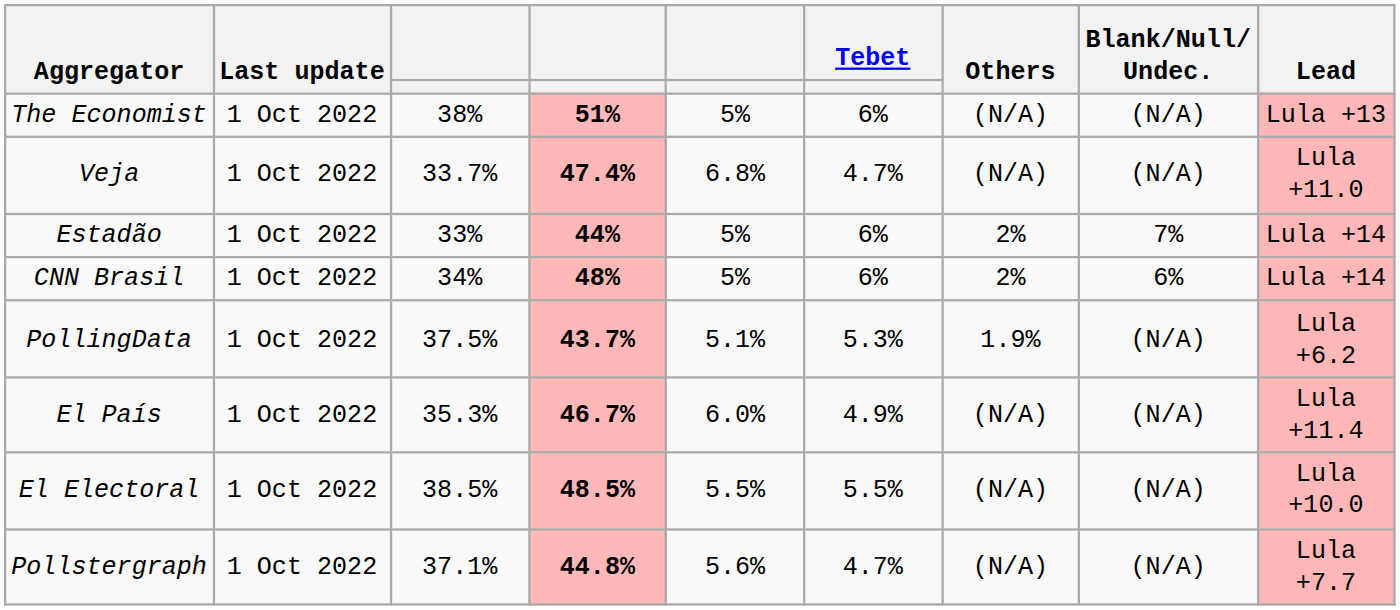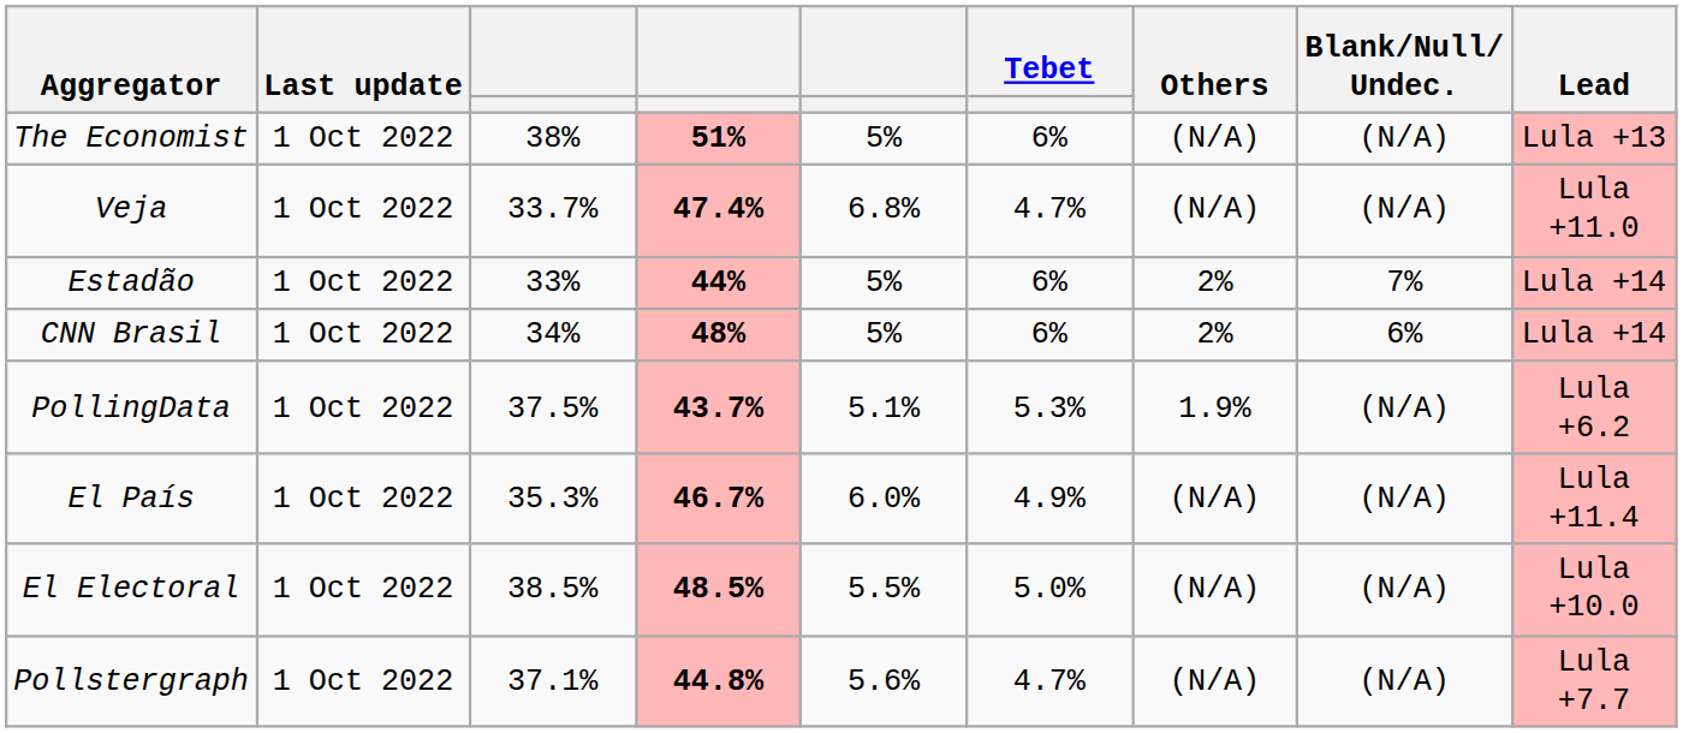 <table class="nowrap wikitable" style=text-align:center;font-size:85%;line-height:14px>
 <tr style=vertical-align:bottom>
 <th rowspan=2>Aggregator</th>
 <th rowspan=2>Last update</th>
 <th style=width:5em><br></th>
 <th style=width:5em><br></th>
 <th style=width:5em><br></th>
 <th style=width:5em><br><a href='#'>Tebet</a><br></th>
 <th style=width:5em rowspan=2>Others<br></th>
 <th style=width:5em rowspan=2>Blank/Null/<br>Undec.</th>
 <th style=width:5em rowspan=2>Lead</th>
 </tr>
 <tr>
 <th style=background:></th>
 <th style=background:></th>
 <th style=background:></th>
 <th style=background:></th>
 </tr>
 <tr>
 <td> <em>The Economist</em></td>
 <td>1 Oct 2022</td>
 <td>38%</td>
 <td style="background:#ffb7b7;font-weight:bold">51%</td>
 <td>5%</td>
 <td>6%</td>
 <td>(N/A)</td>
 <td>(N/A)</td>
 <td style="background:#ffb7b7;">Lula +13</td>
 </tr>
 <tr>
 <td> <em>Veja</em></td>
 <td>1 Oct 2022</td>
 <td>33.7%</td>
 <td style="background:#ffb7b7;font-weight:bold">47.4%</td>
 <td>6.8%</td>
 <td>4.7%</td>
 <td>(N/A)</td>
 <td>(N/A)</td>
 <td style="background:#ffb7b7;">Lula +11.0</td>
 </tr>
 <tr>
 <td> <em>Estadão</em></td>
 <td>1 Oct 2022</td>
 <td>33%</td>
 <td style="background:#ffb7b7;font-weight:bold">44%</td>
 <td>5%</td>
 <td>6%</td>
 <td>2%</td>
 <td>7%</td>
 <td style="background:#ffb7b7;">Lula +14</td>
 </tr>
 <tr>
 <td> <em>CNN Brasil</em></td>
 <td>1 Oct 2022</td>
 <td>34%</td>
 <td style="background:#ffb7b7;font-weight:bold">48%</td>
 <td>5%</td>
 <td>6%</td>
 <td>2%</td>
 <td>6%</td>
 <td style="background:#ffb7b7;">Lula +14</td>
 </tr>
 <tr>
 <td> <em>PollingData</em></td>
 <td>1 Oct 2022</td>
 <td>37.5%</td>
 <td style="background:#ffb7b7;font-weight:bold">43.7%</td>
 <td>5.1%</td>
 <td>5.3%</td>
 <td>1.9%</td>
 <td>(N/A)</td>
 <td style="background:#ffb7b7;">Lula +6.2</td>
 </tr>
 <tr>
 <td> <em>El País</em></td>
 <td>1 Oct 2022</td>
 <td>35.3%</td>
 <td style="background:#ffb7b7;font-weight:bold">46.7%</td>
 <td>6.0%</td>
 <td>4.9%</td>
 <td>(N/A)</td>
 <td>(N/A)</td>
 <td style="background:#ffb7b7;">Lula +11.4</td>
 </tr>
 <tr>
 <td> <em>El Electoral</em></td>
 <td>1 Oct 2022</td>
 <td>38.5%</td>
 <td style="background:#ffb7b7;font-weight:bold">48.5%</td>
 <td>5.5%</td>
-<td>5.5%</td>
+<td>5.0%</td>
 <td>(N/A)</td>
 <td>(N/A)</td>
 <td style="background:#ffb7b7;">Lula +10.0</td>
 </tr>
 <tr>
 <td> <em>Pollstergraph</em></td>
 <td>1 Oct 2022</td>
 <td>37.1%</td>
 <td style="background:#ffb7b7;font-weight:bold">44.8%</td>
 <td>5.6%</td>
 <td>4.7%</td>
 <td>(N/A)</td>
 <td>(N/A)</td>
 <td style="background:#ffb7b7;">Lula +7.7</td>
 </tr>
 </table>
